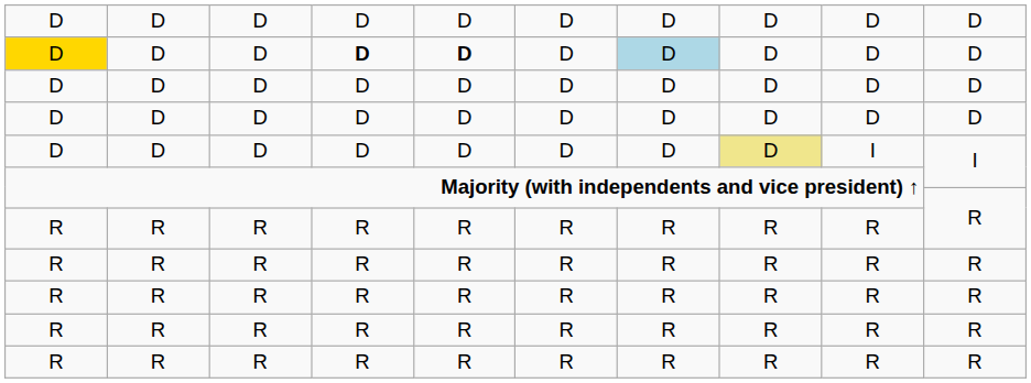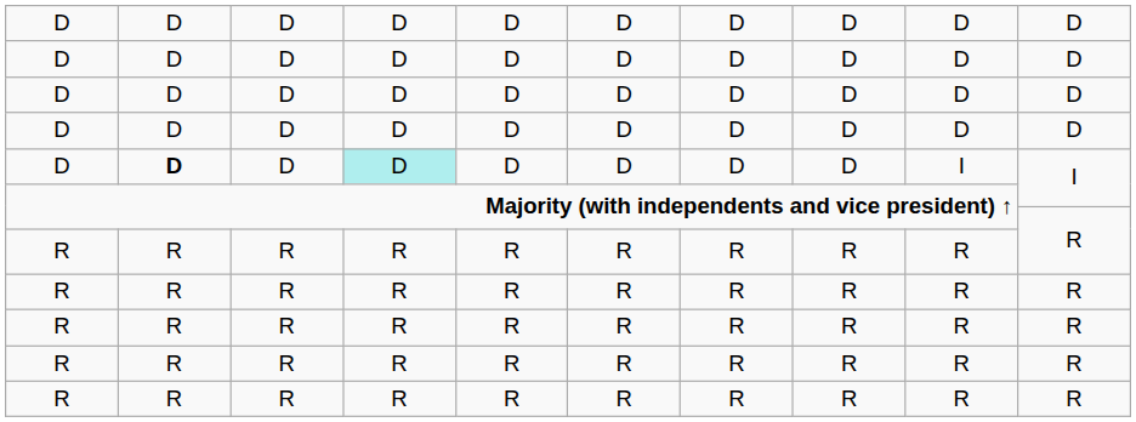 <table class="wikitable" style="text-align:center; width:800px;">
 <tr>
 <td width="50" >D</td>
 <td width="50" >D</td>
 <td width="50" >D</td>
 <td width="50" >D</td>
 <td width="50" >D</td>
 <td width="50" >D</td>
 <td width="50" >D</td>
 <td width="50" >D</td>
 <td width="50" >D</td>
 <td width="50" >D</td>
 </tr>
 <tr>
-<td style="background: gold;">D</td>
 <td>D</td>
 <td>D</td>
-<td><strong>D</strong></td>
-<td><strong>D</strong></td>
 <td>D</td>
-<td style="background: lightblue;">D</td>
+<td>D</td>
+<td>D</td>
+<td>D</td>
+<td>D</td>
 <td>D</td>
 <td>D</td>
 <td>D</td>
 </tr>
 <tr>
 <td>D</td>
 <td>D</td>
 <td>D</td>
 <td>D</td>
 <td>D</td>
 <td>D</td>
 <td>D</td>
 <td>D</td>
 <td>D</td>
 <td>D</td>
 </tr>
 <tr>
 <td>D<br></td>
 <td>D<br></td>
 <td>D<br></td>
 <td>D<br></td>
 <td>D<br></td>
 <td>D<br></td>
 <td>D<br></td>
 <td>D</td>
 <td>D</td>
 <td>D</td>
 </tr>
 <tr>
 <td>D<br></td>
+<td><strong>D<br></strong></td>
+<td>D<br></td>
+<td style="background: paleturquoise;">D<br></td>
 <td>D<br></td>
 <td>D<br></td>
 <td>D<br></td>
 <td>D<br></td>
-<td>D<br></td>
-<td>D<br></td>
-<td style="background: khaki;">D<br></td>
 <td>I</td>
 <td rowspan=2 >I</td>
 </tr>
 <tr style="height:1em">
 <td rowspan=2 colspan=9 style="text-align:right"><strong>Majority (with independents and vice president) ↑</strong></td>
 </tr>
 <tr style="height:1em">
 <td rowspan=2 >R<br></td>
 </tr>
 <tr style="height:2em">
 <td>R<br></td>
 <td>R<br></td>
 <td>R<br></td>
 <td>R<br></td>
 <td>R<br></td>
 <td>R<br></td>
 <td>R<br></td>
 <td>R<br></td>
 <td>R<br></td>
 </tr>
 <tr>
 <td>R<br></td>
 <td>R<br></td>
 <td>R<br></td>
 <td>R<br></td>
 <td>R<br></td>
 <td>R<br></td>
 <td>R<br></td>
 <td>R<br></td>
 <td>R<br></td>
 <td>R<br></td>
 </tr>
 <tr>
 <td>R</td>
 <td>R</td>
 <td>R</td>
 <td>R</td>
 <td>R</td>
 <td>R</td>
 <td>R</td>
 <td>R</td>
 <td>R</td>
 <td>R</td>
 </tr>
 <tr>
 <td>R</td>
 <td>R</td>
 <td>R</td>
 <td>R</td>
 <td>R</td>
 <td>R</td>
 <td>R</td>
 <td>R</td>
 <td>R</td>
 <td>R</td>
 </tr>
 <tr>
 <td>R</td>
 <td>R</td>
 <td>R</td>
 <td>R</td>
 <td>R</td>
 <td>R</td>
 <td>R</td>
 <td>R</td>
 <td>R</td>
 <td>R</td>
 </tr>
 </table>
